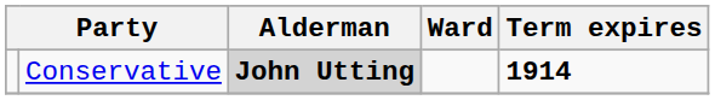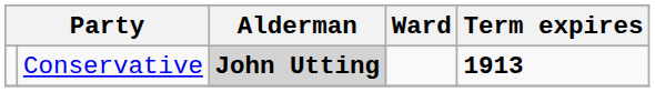 <table class="wikitable">
 <tr>
 <th colspan="2">Party</th>
 <th>Alderman</th>
 <th>Ward</th>
 <th>Term expires</th>
 </tr>
 <tr>
 <td style="background-color:"></td>
 <td><a href='#'>Conservative</a></td>
 <td style="background: lightgrey;"><strong>John Utting</strong></td>
 <td></td>
-<td><strong>1914</strong></td>
+<td><strong>1913</strong></td>
 </tr>
 <tr>
 </tr>
 </table>
